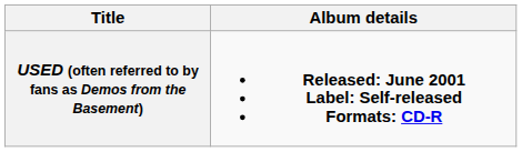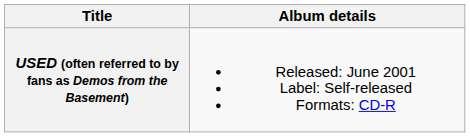 <table class="wikitable plainrowheaders" style="text-align:center">
 <tr>
 <th scope="col" style="width:12em;">Title</th>
 <th scope="col" style="width:18em;">Album details</th>
 </tr>
 <tr>
 <th scope="row"><em>USED</em> <small>(often referred to by fans as <em>Demos from the Basement</em>)</small></th>
-<td><strong><br><ul><li>Released: June 2001</li><li>Label: Self-released</li><li>Formats: <a href='#'>CD-R</a></li></ul></strong></td>
+<td><br><ul><li>Released: June 2001</li><li>Label: Self-released</li><li>Formats: <a href='#'>CD-R</a></li></ul></td>
 </tr>
 </table>
